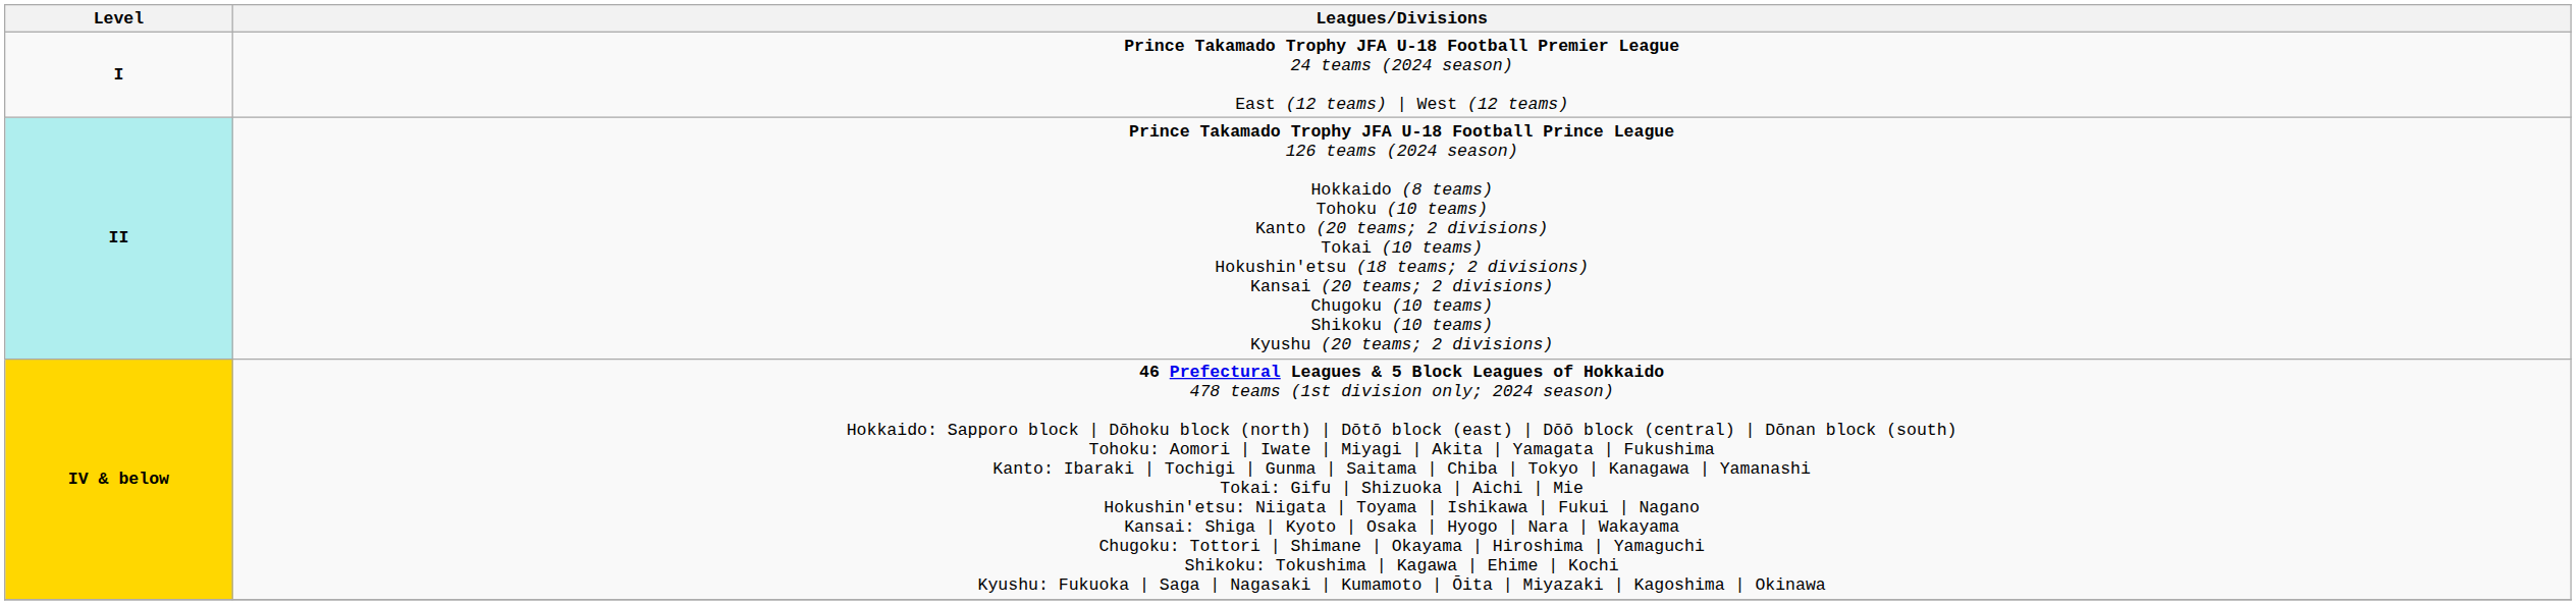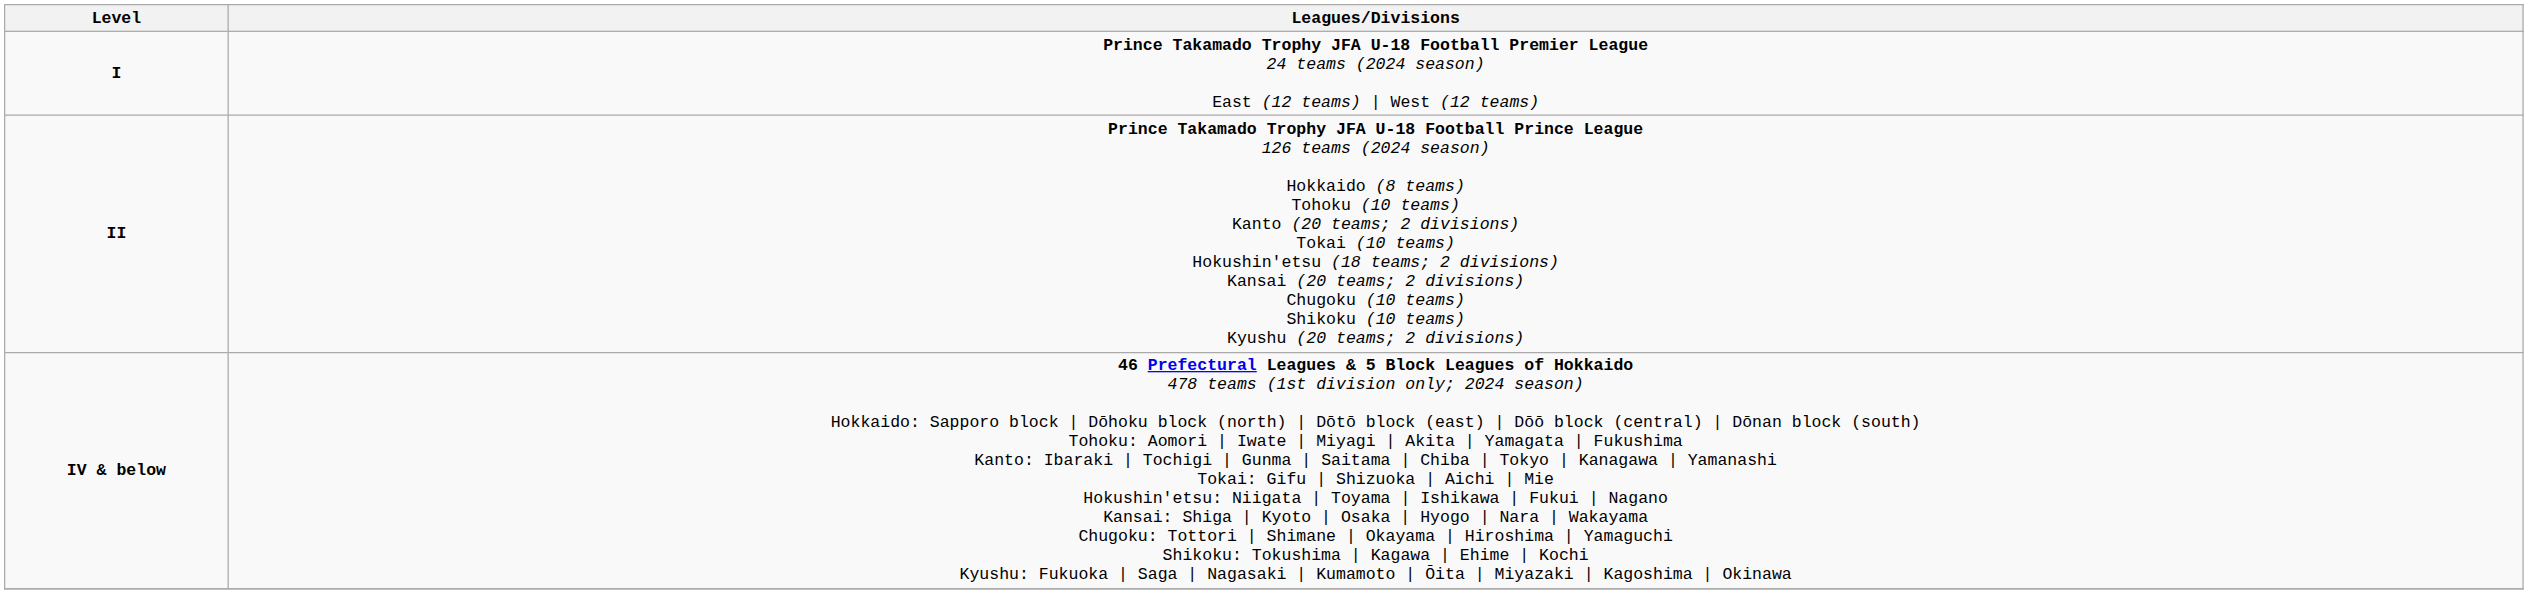 <table class="wikitable" style="text-align: center; width:100%">
 <tr>
 <th>Level</th>
 <th>Leagues/Divisions</th>
 </tr>
 <tr>
 <td><strong>I</strong></td>
 <td><strong>Prince Takamado Trophy JFA U-18 Football Premier League</strong><br><em>24 teams (2024 season)</em><br><br>East <em>(12 teams)</em> | West <em>(12 teams)</em></td>
 </tr>
 <tr>
-<td style="background: paleturquoise;"><strong>II</strong></td>
+<td><strong>II</strong></td>
 <td><strong>Prince Takamado Trophy JFA U-18 Football Prince League</strong><br><em>126 teams (2024 season)</em><br><br>Hokkaido <em>(8 teams)</em><br> Tohoku <em>(10 teams)</em><br> Kanto <em>(20 teams; 2 divisions)</em><br> Tokai <em>(10 teams)</em><br> Hokushin'etsu <em>(18 teams; 2 divisions)</em><br> Kansai <em>(20 teams; 2 divisions)</em><br> Chugoku <em>(10 teams)</em><br> Shikoku <em>(10 teams)</em><br> Kyushu <em>(20 teams; 2 divisions)</em></td>
 </tr>
 <tr>
-<td style="background: gold;"><strong>IV & below</strong></td>
+<td><strong>IV & below</strong></td>
 <td><strong>46 <a href='#'>Prefectural</a> Leagues & 5 Block Leagues of Hokkaido</strong><br><em>478 teams (1st division only; 2024 season)</em><br><br>Hokkaido: Sapporo block | Dōhoku block (north) | Dōtō block (east) | Dōō block (central) | Dōnan block (south)<br> Tohoku: Aomori | Iwate | Miyagi | Akita  | Yamagata | Fukushima<br> Kanto: Ibaraki | Tochigi | Gunma | Saitama | Chiba | Tokyo | Kanagawa | Yamanashi<br> Tokai: Gifu | Shizuoka | Aichi | Mie<br> Hokushin'etsu: Niigata | Toyama | Ishikawa | Fukui | Nagano<br> Kansai: Shiga | Kyoto | Osaka | Hyogo | Nara | Wakayama<br> Chugoku: Tottori | Shimane | Okayama | Hiroshima | Yamaguchi<br> Shikoku: Tokushima | Kagawa | Ehime | Kochi<br> Kyushu: Fukuoka | Saga | Nagasaki | Kumamoto | Ōita | Miyazaki | Kagoshima | Okinawa</td>
 </tr>
 <tr>
 </tr>
 </table>
